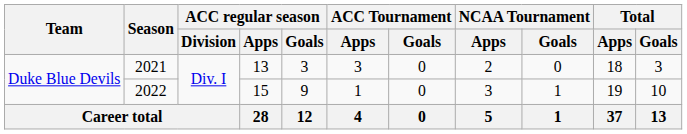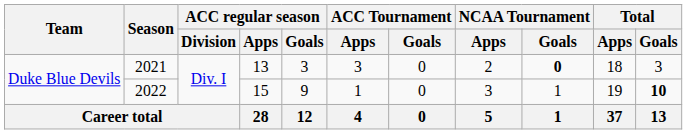 <table class="wikitable" style="text-align: center;">
 <tr>
 <th rowspan="2">Team</th>
 <th rowspan="2">Season</th>
 <th colspan="3">ACC regular season</th>
 <th colspan="2">ACC Tournament</th>
 <th colspan="2">NCAA Tournament</th>
 <th colspan="2">Total</th>
 </tr>
 <tr>
 <th>Division</th>
 <th>Apps</th>
 <th>Goals</th>
 <th>Apps</th>
 <th>Goals</th>
 <th>Apps</th>
 <th>Goals</th>
 <th>Apps</th>
 <th>Goals</th>
 </tr>
 <tr>
 <td rowspan="2"><a href='#'>Duke Blue Devils</a></td>
 <td>2021</td>
 <td rowspan="2"><a href='#'>Div. I</a></td>
 <td>13</td>
 <td>3</td>
 <td>3</td>
 <td>0</td>
 <td>2</td>
-<td>0</td>
+<td><strong>0</strong></td>
 <td>18</td>
 <td>3</td>
 </tr>
 <tr>
 <td>2022</td>
 <td>15</td>
 <td>9</td>
 <td>1</td>
 <td>0</td>
 <td>3</td>
 <td>1</td>
 <td>19</td>
-<td>10</td>
+<td><strong>10</strong></td>
 </tr>
 <tr>
 <th colspan="3">Career total</th>
 <th>28</th>
 <th>12</th>
 <th>4</th>
 <th>0</th>
 <th>5</th>
 <th>1</th>
 <th>37</th>
 <th>13</th>
 </tr>
 </table>
